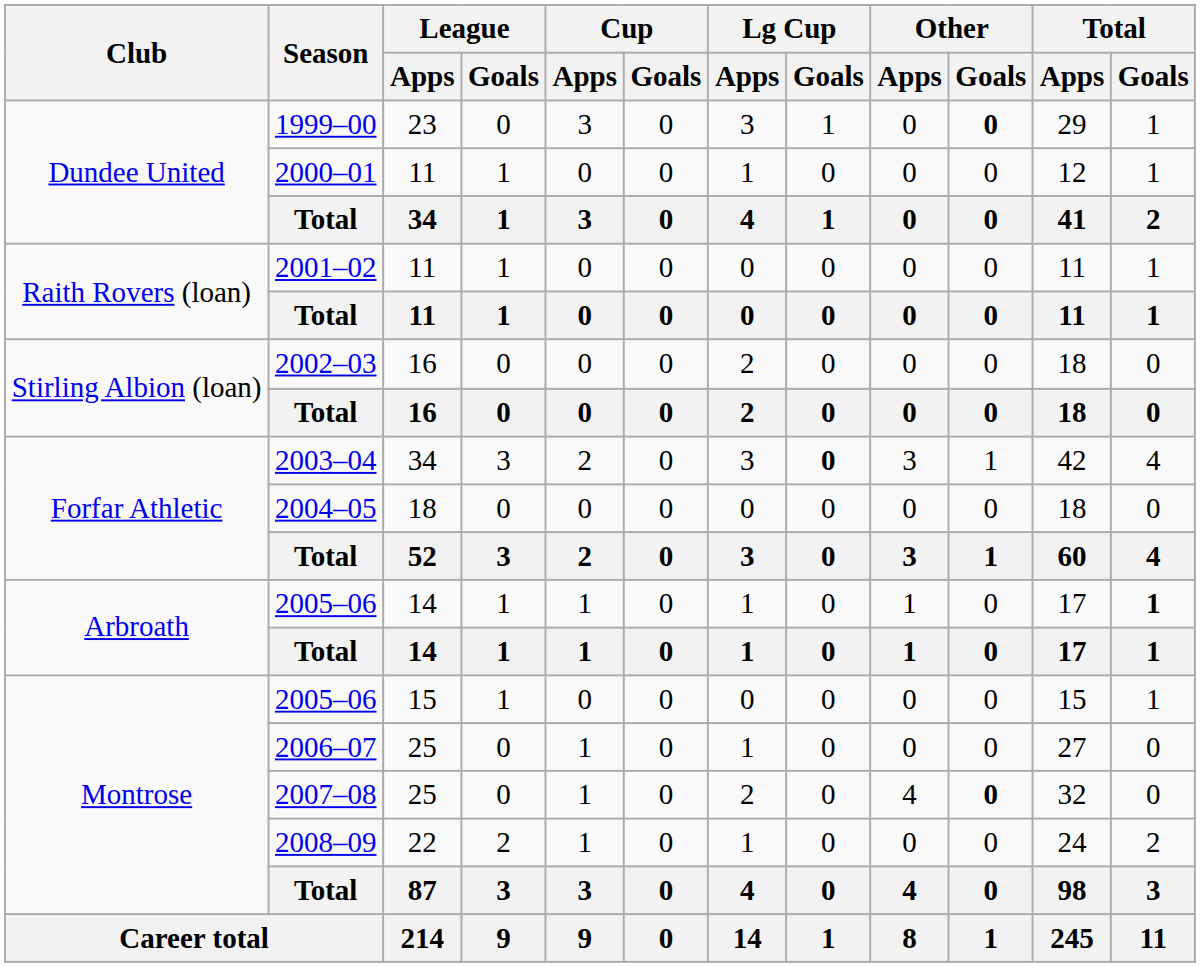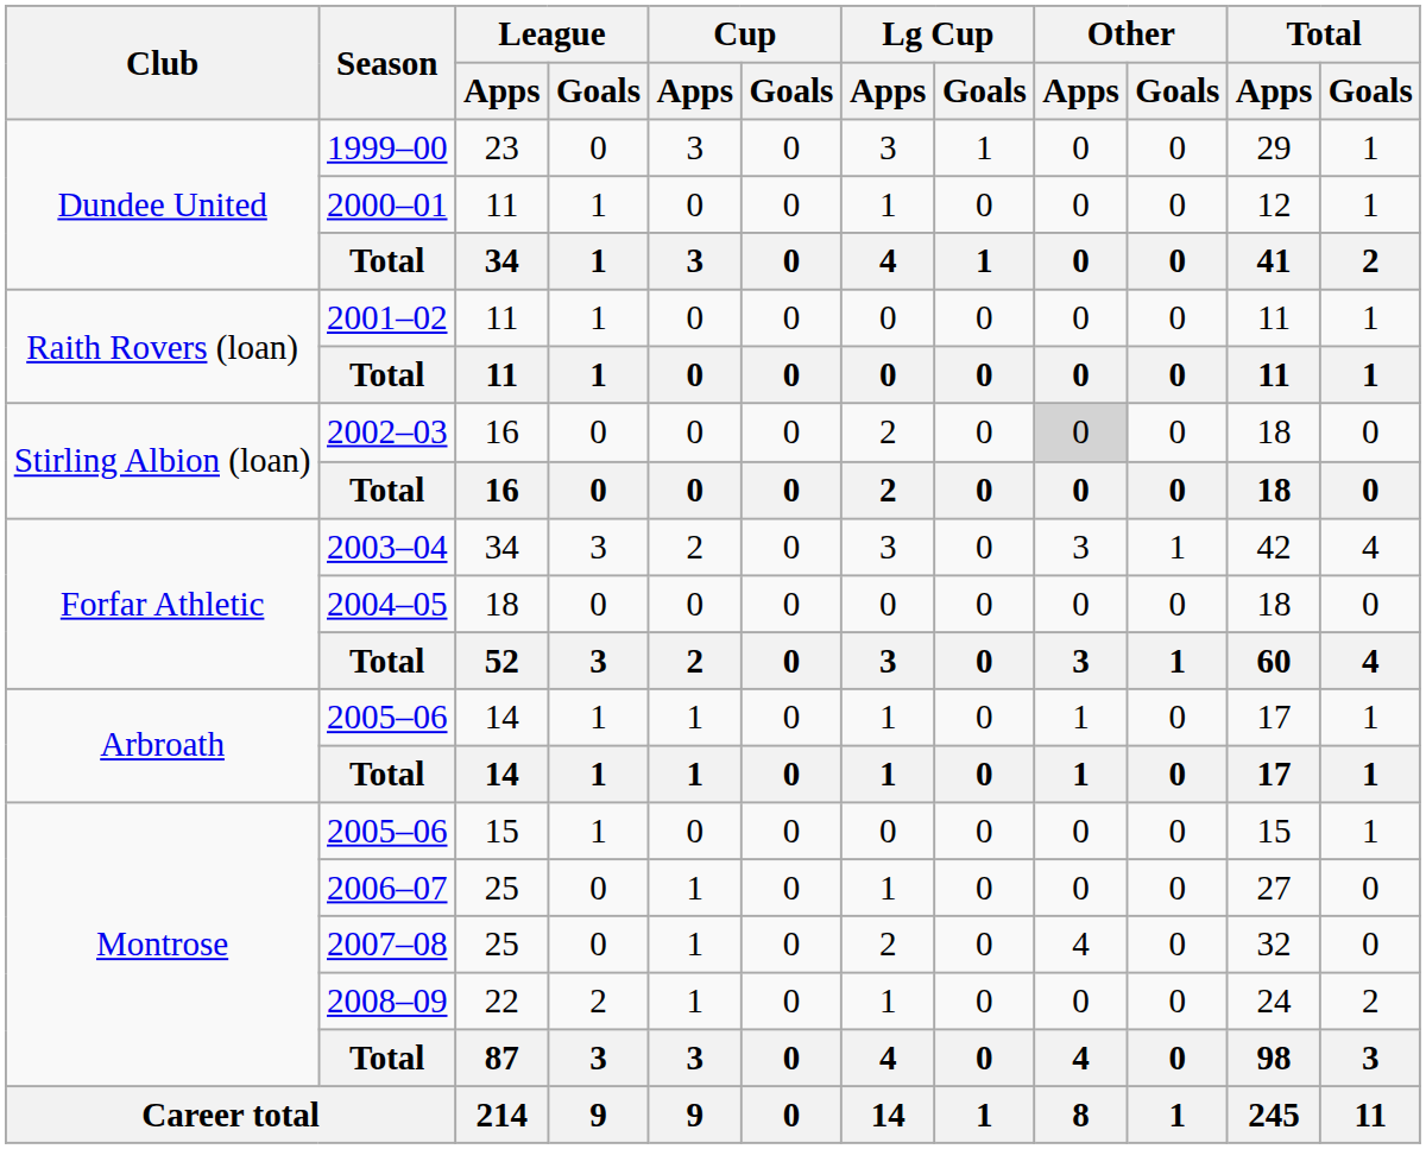 <table class="wikitable" style="font-size:95%; text-align:center">
 <tr>
 <th rowspan="2">Club</th>
 <th rowspan="2">Season</th>
 <th colspan="2">League</th>
 <th colspan="2">Cup</th>
 <th colspan="2">Lg Cup</th>
 <th colspan="2">Other</th>
 <th colspan="2">Total</th>
 </tr>
 <tr>
 <th>Apps</th>
 <th>Goals</th>
 <th>Apps</th>
 <th>Goals</th>
 <th>Apps</th>
 <th>Goals</th>
 <th>Apps</th>
 <th>Goals</th>
 <th>Apps</th>
 <th>Goals</th>
 </tr>
 <tr>
 <td rowspan="3"><a href='#'>Dundee United</a></td>
 <td><a href='#'>1999–00</a></td>
 <td>23</td>
 <td>0</td>
 <td>3</td>
 <td>0</td>
 <td>3</td>
 <td>1</td>
 <td>0</td>
-<td><strong>0</strong></td>
+<td>0</td>
 <td>29</td>
 <td>1</td>
 </tr>
 <tr>
 <td><a href='#'>2000–01</a></td>
 <td>11</td>
 <td>1</td>
 <td>0</td>
 <td>0</td>
 <td>1</td>
 <td>0</td>
 <td>0</td>
 <td>0</td>
 <td>12</td>
 <td>1</td>
 </tr>
 <tr>
 <th>Total</th>
 <th>34</th>
 <th>1</th>
 <th>3</th>
 <th>0</th>
 <th>4</th>
 <th>1</th>
 <th>0</th>
 <th>0</th>
 <th>41</th>
 <th>2</th>
 </tr>
 <tr>
 <td rowspan="2"><a href='#'>Raith Rovers</a> (loan)</td>
 <td><a href='#'>2001–02</a></td>
 <td>11</td>
 <td>1</td>
 <td>0</td>
 <td>0</td>
 <td>0</td>
 <td>0</td>
 <td>0</td>
 <td>0</td>
 <td>11</td>
 <td>1</td>
 </tr>
 <tr>
 <th>Total</th>
 <th>11</th>
 <th>1</th>
 <th>0</th>
 <th>0</th>
 <th>0</th>
 <th>0</th>
 <th>0</th>
 <th>0</th>
 <th>11</th>
 <th>1</th>
 </tr>
 <tr>
 <td rowspan="2"><a href='#'>Stirling Albion</a> (loan)</td>
 <td><a href='#'>2002–03</a></td>
 <td>16</td>
 <td>0</td>
 <td>0</td>
 <td>0</td>
 <td>2</td>
 <td>0</td>
-<td>0</td>
+<td style="background: lightgrey;">0</td>
 <td>0</td>
 <td>18</td>
 <td>0</td>
 </tr>
 <tr>
 <th>Total</th>
 <th>16</th>
 <th>0</th>
 <th>0</th>
 <th>0</th>
 <th>2</th>
 <th>0</th>
 <th>0</th>
 <th>0</th>
 <th>18</th>
 <th>0</th>
 </tr>
 <tr>
 <td rowspan="3"><a href='#'>Forfar Athletic</a></td>
 <td><a href='#'>2003–04</a></td>
 <td>34</td>
 <td>3</td>
 <td>2</td>
 <td>0</td>
 <td>3</td>
-<td><strong>0</strong></td>
+<td>0</td>
 <td>3</td>
 <td>1</td>
 <td>42</td>
 <td>4</td>
 </tr>
 <tr>
 <td><a href='#'>2004–05</a></td>
 <td>18</td>
 <td>0</td>
 <td>0</td>
 <td>0</td>
 <td>0</td>
 <td>0</td>
 <td>0</td>
 <td>0</td>
 <td>18</td>
 <td>0</td>
 </tr>
 <tr>
 <th>Total</th>
 <th>52</th>
 <th>3</th>
 <th>2</th>
 <th>0</th>
 <th>3</th>
 <th>0</th>
 <th>3</th>
 <th>1</th>
 <th>60</th>
 <th>4</th>
 </tr>
 <tr>
 <td rowspan="2"><a href='#'>Arbroath</a></td>
 <td><a href='#'>2005–06</a></td>
 <td>14</td>
 <td>1</td>
 <td>1</td>
 <td>0</td>
 <td>1</td>
 <td>0</td>
 <td>1</td>
 <td>0</td>
 <td>17</td>
-<td><strong>1</strong></td>
+<td>1</td>
 </tr>
 <tr>
 <th>Total</th>
 <th>14</th>
 <th>1</th>
 <th>1</th>
 <th>0</th>
 <th>1</th>
 <th>0</th>
 <th>1</th>
 <th>0</th>
 <th>17</th>
 <th>1</th>
 </tr>
 <tr>
 <td rowspan="5"><a href='#'>Montrose</a></td>
 <td><a href='#'>2005–06</a></td>
 <td>15</td>
 <td>1</td>
 <td>0</td>
 <td>0</td>
 <td>0</td>
 <td>0</td>
 <td>0</td>
 <td>0</td>
 <td>15</td>
 <td>1</td>
 </tr>
 <tr>
 <td><a href='#'>2006–07</a></td>
 <td>25</td>
 <td>0</td>
 <td>1</td>
 <td>0</td>
 <td>1</td>
 <td>0</td>
 <td>0</td>
 <td>0</td>
 <td>27</td>
 <td>0</td>
 </tr>
 <tr>
 <td><a href='#'>2007–08</a></td>
 <td>25</td>
 <td>0</td>
 <td>1</td>
 <td>0</td>
 <td>2</td>
 <td>0</td>
 <td>4</td>
-<td><strong>0</strong></td>
+<td>0</td>
 <td>32</td>
 <td>0</td>
 </tr>
 <tr>
 <td><a href='#'>2008–09</a></td>
 <td>22</td>
 <td>2</td>
 <td>1</td>
 <td>0</td>
 <td>1</td>
 <td>0</td>
 <td>0</td>
 <td>0</td>
 <td>24</td>
 <td>2</td>
 </tr>
 <tr>
 <th>Total</th>
 <th>87</th>
 <th>3</th>
 <th>3</th>
 <th>0</th>
 <th>4</th>
 <th>0</th>
 <th>4</th>
 <th>0</th>
 <th>98</th>
 <th>3</th>
 </tr>
 <tr>
 <th colspan="2">Career total</th>
 <th>214</th>
 <th>9</th>
 <th>9</th>
 <th>0</th>
 <th>14</th>
 <th>1</th>
 <th>8</th>
 <th>1</th>
 <th>245</th>
 <th>11</th>
 </tr>
 </table>
